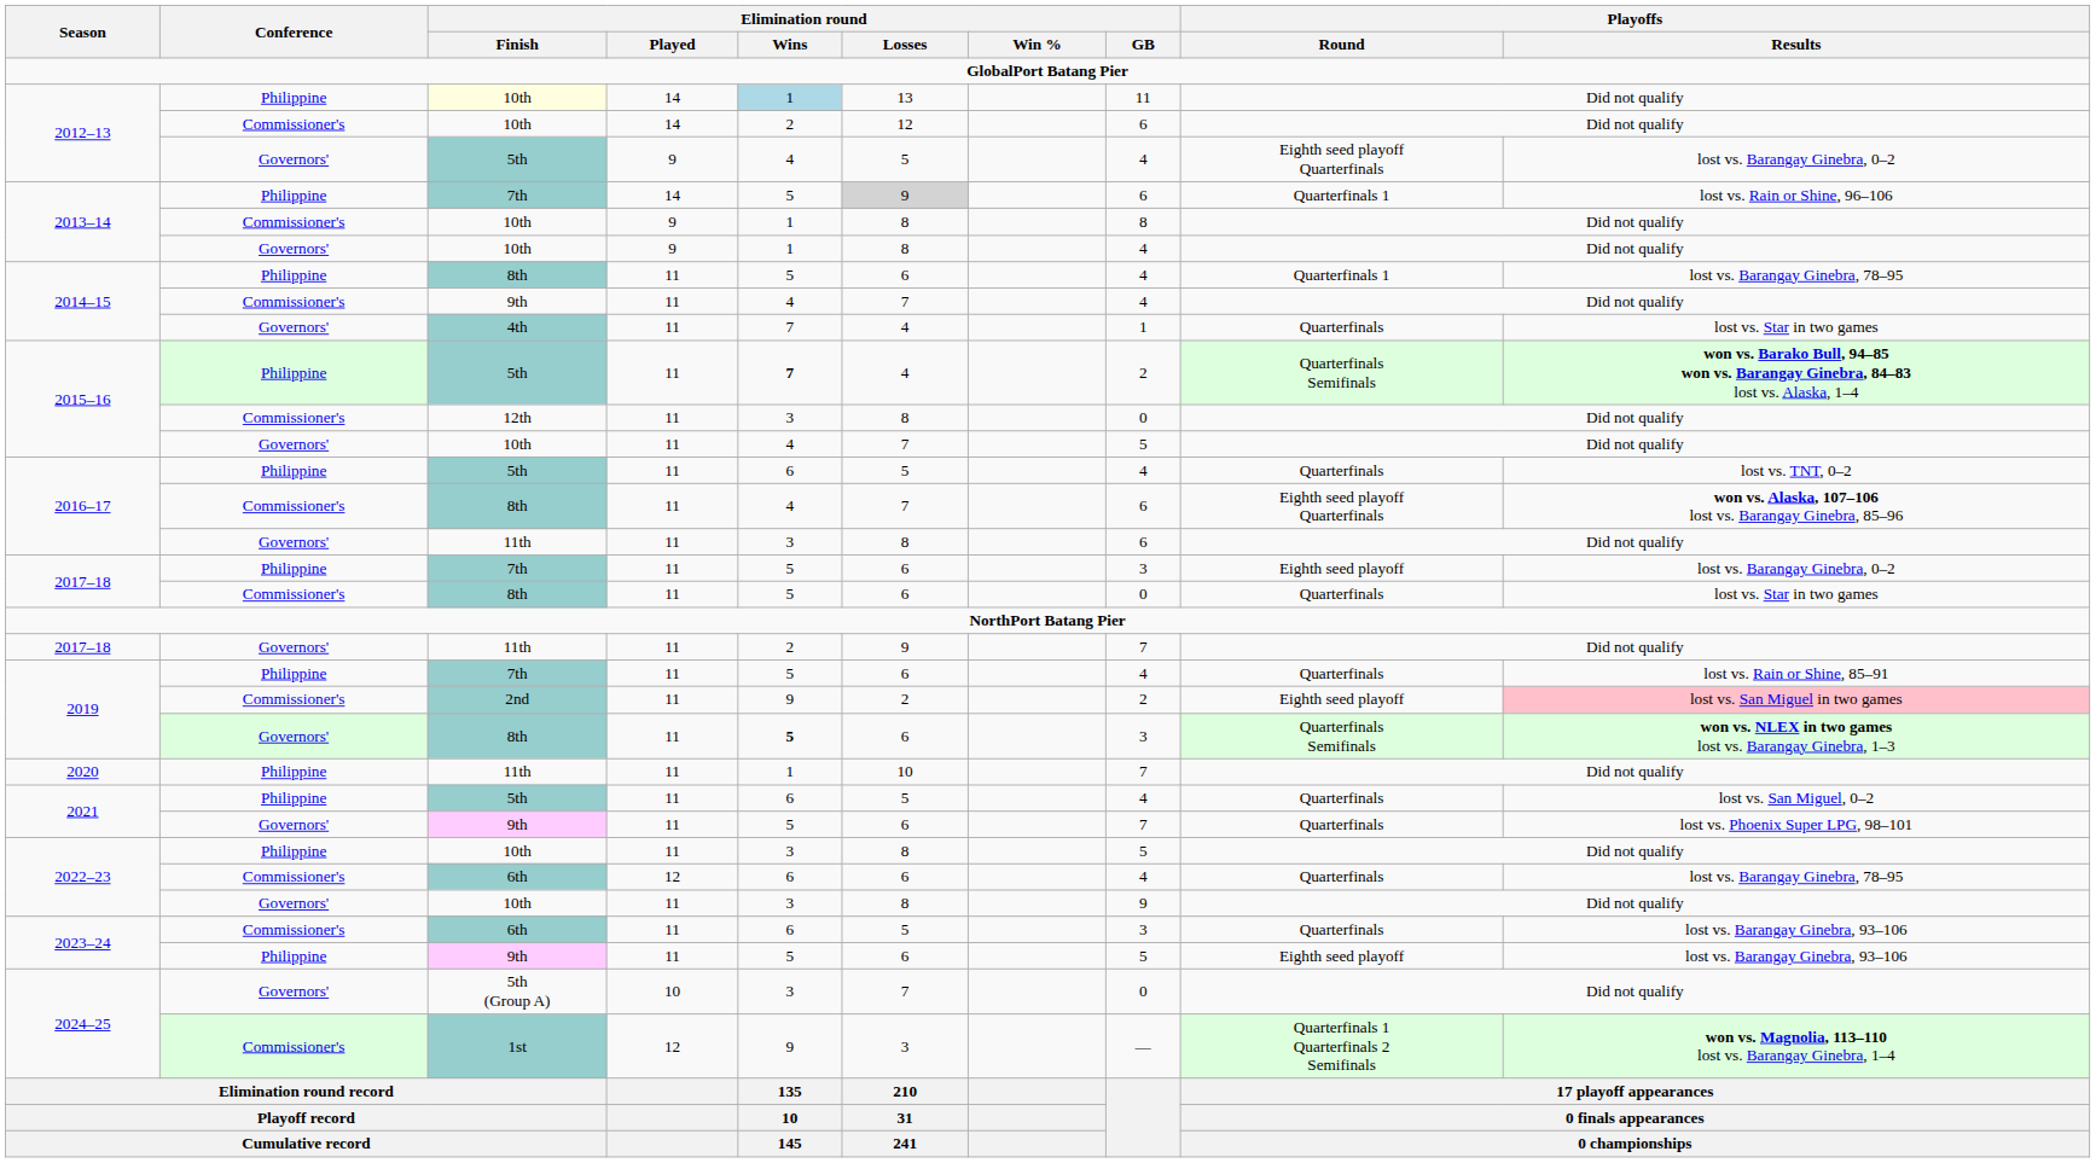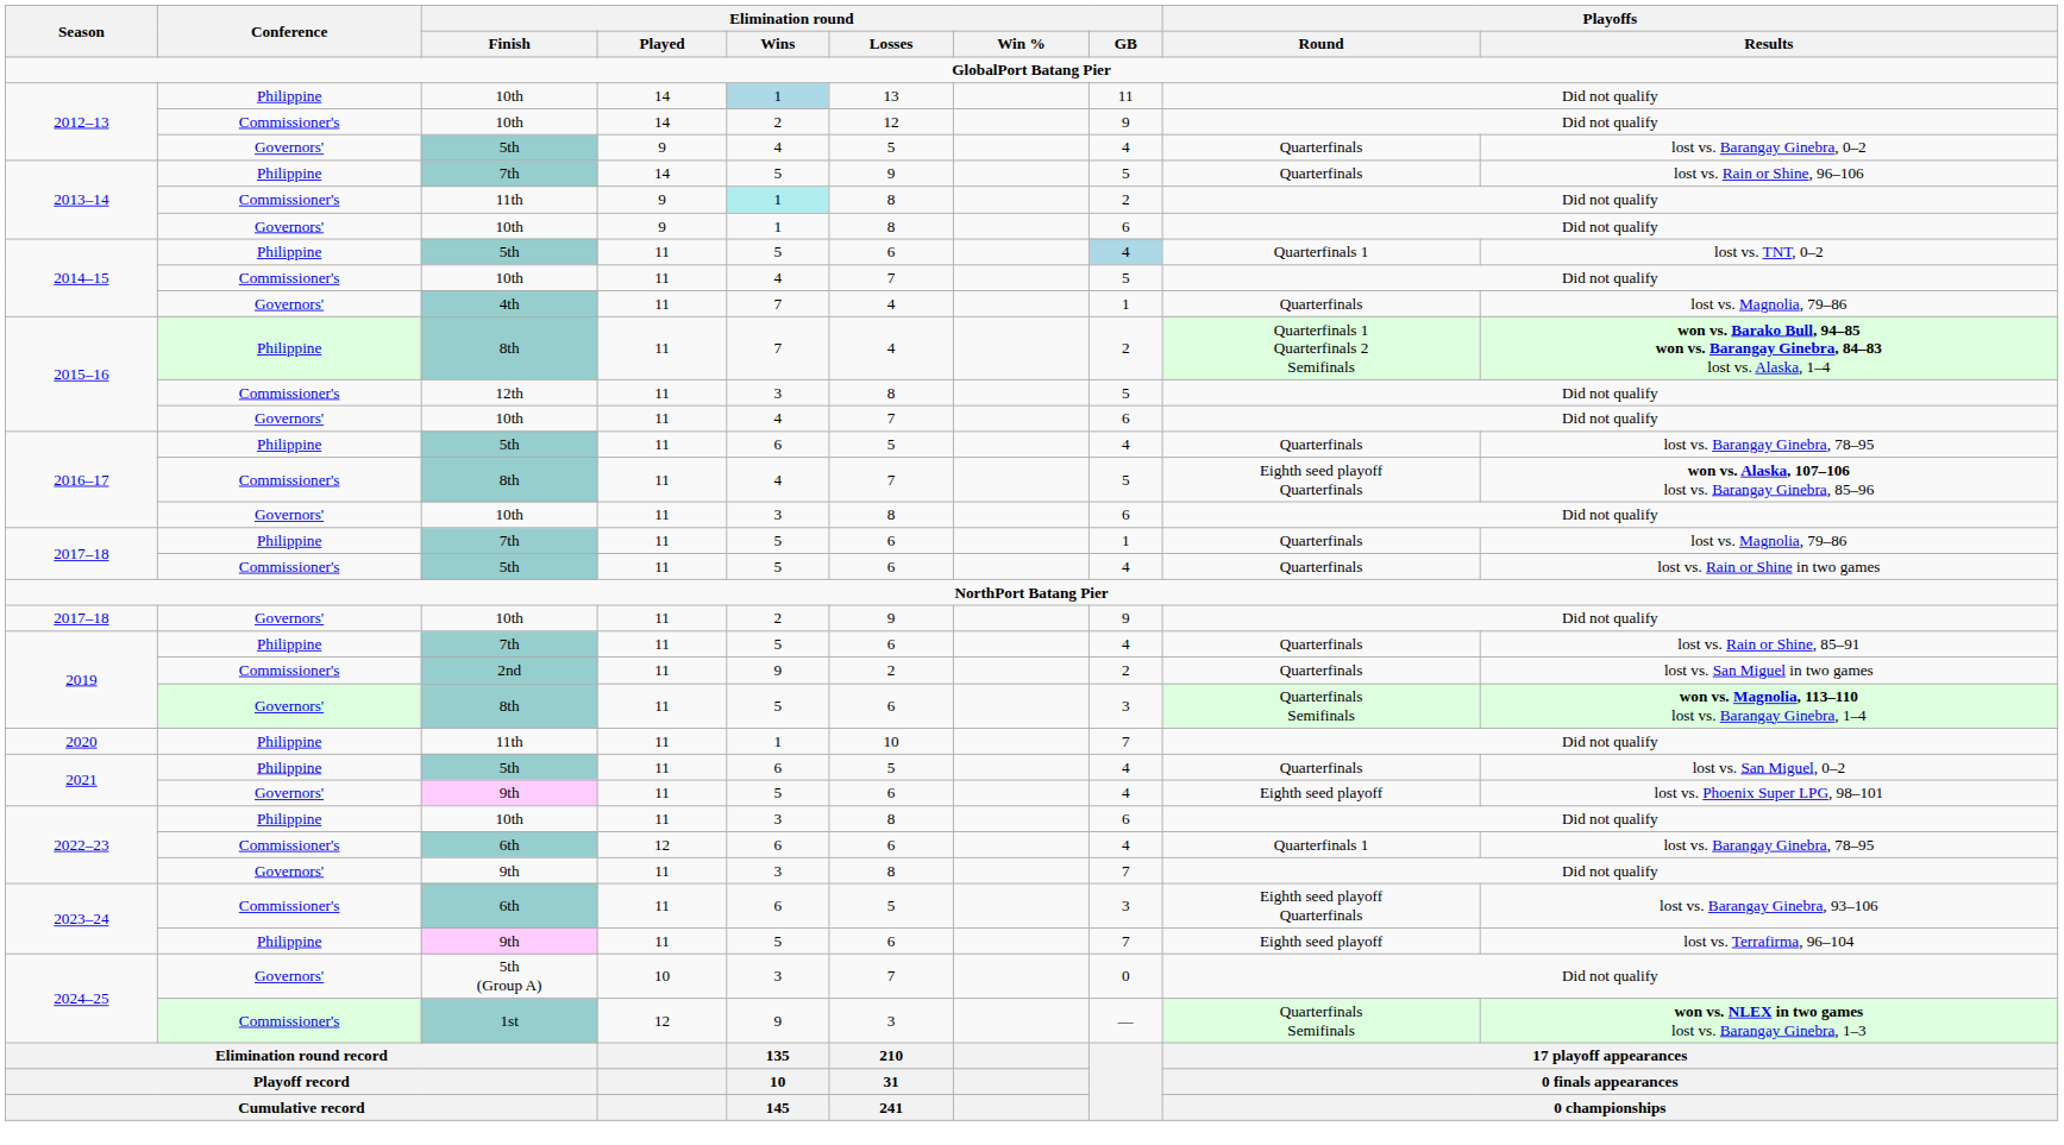 <table class="wikitable" style="width:100%; text-align:center; font-size:95%">
 <tr>
 <th rowspan=2>Season</th>
 <th rowspan=2>Conference</th>
 <th colspan=6>Elimination round</th>
 <th colspan=2>Playoffs</th>
 </tr>
 <tr>
 <th>Finish</th>
 <th>Played</th>
 <th>Wins</th>
 <th>Losses</th>
 <th>Win %</th>
 <th>GB</th>
 <th>Round</th>
 <th>Results</th>
 </tr>
 <tr>
 <td align="center" colspan="10"><strong>GlobalPort Batang Pier</strong></td>
 </tr>
 <tr>
 <td rowspan=3><a href='#'>2012–13</a> <br> </td>
 <td><a href='#'>Philippine</a></td>
-<td style="background: lightyellow;">10th</td>
+<td>10th</td>
 <td>14</td>
 <td style="background: lightblue;">1</td>
 <td>13</td>
 <td></td>
 <td>11</td>
 <td colspan=2>Did not qualify</td>
 </tr>
 <tr>
 <td><a href='#'>Commissioner's</a></td>
 <td>10th</td>
 <td>14</td>
 <td>2</td>
 <td>12</td>
 <td></td>
-<td>6</td>
+<td>9</td>
 <td colspan=2>Did not qualify</td>
 </tr>
 <tr>
 <td><a href='#'>Governors'</a></td>
 <td bgcolor="#96CDCD">5th</td>
 <td>9</td>
 <td>4</td>
 <td>5</td>
 <td></td>
 <td>4</td>
-<td>Eighth seed playoff <br> Quarterfinals</td>
+<td>Quarterfinals</td>
 <td>lost vs. <a href='#'>Barangay Ginebra</a>, 0–2</td>
 </tr>
 <tr>
 <td rowspan=3><a href='#'>2013–14</a> <br> </td>
 <td><a href='#'>Philippine</a></td>
 <td bgcolor="#96CDCD">7th</td>
 <td>14</td>
 <td>5</td>
-<td style="background: lightgrey;">9</td>
+<td>9</td>
 <td></td>
-<td>6</td>
-<td>Quarterfinals 1</td>
+<td>5</td>
+<td>Quarterfinals</td>
 <td>lost vs. <a href='#'>Rain or Shine</a>, 96–106</td>
 </tr>
 <tr>
 <td><a href='#'>Commissioner's</a></td>
-<td>10th</td>
+<td>11th</td>
 <td>9</td>
-<td>1</td>
+<td style="background: paleturquoise;">1</td>
 <td>8</td>
 <td></td>
-<td>8</td>
+<td>2</td>
 <td colspan=2>Did not qualify</td>
 </tr>
 <tr>
 <td><a href='#'>Governors'</a></td>
 <td>10th</td>
 <td>9</td>
 <td>1</td>
 <td>8</td>
 <td></td>
-<td>4</td>
+<td>6</td>
 <td colspan=2>Did not qualify</td>
 </tr>
 <tr>
 <td rowspan=3><a href='#'>2014–15</a> <br> </td>
 <td><a href='#'>Philippine</a></td>
-<td bgcolor="#96CDCD">8th</td>
+<td bgcolor="#96CDCD">5th</td>
 <td>11</td>
 <td>5</td>
 <td>6</td>
 <td></td>
-<td>4</td>
+<td style="background: lightblue;">4</td>
 <td>Quarterfinals 1</td>
-<td>lost vs. <a href='#'>Barangay Ginebra</a>, 78–95</td>
+<td>lost vs. <a href='#'>TNT</a>, 0–2</td>
 </tr>
 <tr>
 <td><a href='#'>Commissioner's</a></td>
-<td>9th</td>
+<td>10th</td>
 <td>11</td>
 <td>4</td>
 <td>7</td>
 <td></td>
-<td>4</td>
+<td>5</td>
 <td colspan=2>Did not qualify</td>
 </tr>
 <tr>
 <td><a href='#'>Governors'</a></td>
 <td bgcolor="#96CDCD">4th</td>
 <td>11</td>
 <td>7</td>
 <td>4</td>
 <td></td>
 <td>1</td>
 <td>Quarterfinals</td>
-<td>lost vs. <a href='#'>Star</a> in two games</td>
+<td>lost vs. <a href='#'>Magnolia</a>, 79–86</td>
 </tr>
 <tr>
 <td rowspan=3><a href='#'>2015–16</a> <br> </td>
 <td bgcolor="#DDFFDD"><a href='#'>Philippine</a></td>
-<td bgcolor="#96CDCD">5th</td>
+<td bgcolor="#96CDCD">8th</td>
 <td>11</td>
-<td><strong>7</strong></td>
+<td>7</td>
 <td>4</td>
 <td></td>
 <td>2</td>
-<td bgcolor="#DDFFDD">Quarterfinals <br> Semifinals</td>
+<td bgcolor="#DDFFDD">Quarterfinals 1 <br> Quarterfinals 2 <br> Semifinals</td>
 <td bgcolor="#DDFFDD"><strong>won vs. <a href='#'>Barako Bull</a>, 94–85</strong> <br> <strong>won vs. <a href='#'>Barangay Ginebra</a>, 84–83</strong> <br> lost vs. <a href='#'>Alaska</a>, 1–4</td>
 </tr>
 <tr>
 <td><a href='#'>Commissioner's</a></td>
 <td>12th</td>
 <td>11</td>
 <td>3</td>
 <td>8</td>
 <td></td>
-<td>0</td>
+<td>5</td>
 <td colspan=2>Did not qualify</td>
 </tr>
 <tr>
 <td><a href='#'>Governors'</a></td>
 <td>10th</td>
 <td>11</td>
 <td>4</td>
 <td>7</td>
 <td></td>
-<td>5</td>
+<td>6</td>
 <td colspan=2>Did not qualify</td>
 </tr>
 <tr>
 <td rowspan=3><a href='#'>2016–17</a> <br> </td>
 <td><a href='#'>Philippine</a></td>
 <td bgcolor="#96CDCD">5th</td>
 <td>11</td>
 <td>6</td>
 <td>5</td>
 <td></td>
 <td>4</td>
 <td>Quarterfinals</td>
-<td>lost vs. <a href='#'>TNT</a>, 0–2</td>
+<td>lost vs. <a href='#'>Barangay Ginebra</a>, 78–95</td>
 </tr>
 <tr>
 <td><a href='#'>Commissioner's</a></td>
 <td bgcolor="#96CDCD">8th</td>
 <td>11</td>
 <td>4</td>
 <td>7</td>
 <td></td>
-<td>6</td>
+<td>5</td>
 <td>Eighth seed playoff <br> Quarterfinals</td>
 <td><strong>won vs. <a href='#'>Alaska</a>, 107–106</strong> <br> lost vs. <a href='#'>Barangay Ginebra</a>, 85–96</td>
 </tr>
 <tr>
 <td><a href='#'>Governors'</a></td>
-<td>11th</td>
+<td>10th</td>
 <td>11</td>
 <td>3</td>
 <td>8</td>
 <td></td>
 <td>6</td>
 <td colspan=2>Did not qualify</td>
 </tr>
 <tr>
 <td rowspan=2><a href='#'>2017–18</a> <br> </td>
 <td><a href='#'>Philippine</a></td>
 <td bgcolor="#96CDCD">7th</td>
 <td>11</td>
 <td>5</td>
 <td>6</td>
 <td></td>
-<td>3</td>
-<td>Eighth seed playoff</td>
-<td>lost vs. <a href='#'>Barangay Ginebra</a>, 0–2</td>
+<td>1</td>
+<td>Quarterfinals</td>
+<td>lost vs. <a href='#'>Magnolia</a>, 79–86</td>
 </tr>
 <tr>
 <td><a href='#'>Commissioner's</a></td>
-<td bgcolor="#96CDCD">8th</td>
+<td bgcolor="#96CDCD">5th</td>
 <td>11</td>
 <td>5</td>
 <td>6</td>
 <td></td>
-<td>0</td>
+<td>4</td>
 <td>Quarterfinals</td>
-<td>lost vs. <a href='#'>Star</a> in two games</td>
+<td>lost vs. <a href='#'>Rain or Shine</a> in two games</td>
 </tr>
 <tr>
 <td align="center" colspan="10"><strong>NorthPort Batang Pier</strong></td>
 </tr>
 <tr>
 <td><a href='#'>2017–18</a> <br> </td>
 <td><a href='#'>Governors'</a></td>
-<td>11th</td>
+<td>10th</td>
 <td>11</td>
 <td>2</td>
 <td>9</td>
 <td></td>
-<td>7</td>
+<td>9</td>
 <td colspan=2>Did not qualify</td>
 </tr>
 <tr>
 <td rowspan=3><a href='#'>2019</a> <br> </td>
 <td><a href='#'>Philippine</a></td>
 <td bgcolor="#96CDCD">7th</td>
 <td>11</td>
 <td>5</td>
 <td>6</td>
 <td></td>
 <td>4</td>
 <td>Quarterfinals</td>
 <td>lost vs. <a href='#'>Rain or Shine</a>, 85–91</td>
 </tr>
 <tr>
 <td><a href='#'>Commissioner's</a></td>
 <td bgcolor="#96CDCD">2nd</td>
 <td>11</td>
 <td>9</td>
 <td>2</td>
 <td></td>
 <td>2</td>
-<td>Eighth seed playoff</td>
-<td style="background: pink;">lost vs. <a href='#'>San Miguel</a> in two games</td>
+<td>Quarterfinals</td>
+<td>lost vs. <a href='#'>San Miguel</a> in two games</td>
 </tr>
 <tr>
 <td bgcolor="#DDFFDD"><a href='#'>Governors'</a></td>
 <td bgcolor="#96CDCD">8th</td>
 <td>11</td>
-<td><strong>5</strong></td>
+<td>5</td>
 <td>6</td>
 <td></td>
 <td>3</td>
 <td bgcolor="#DDFFDD">Quarterfinals <br> Semifinals</td>
-<td bgcolor="#DDFFDD"><strong>won vs. <a href='#'>NLEX</a> in two games</strong> <br> lost vs. <a href='#'>Barangay Ginebra</a>, 1–3</td>
+<td bgcolor="#DDFFDD"><strong>won vs. <a href='#'>Magnolia</a>, 113–110</strong> <br> lost vs. <a href='#'>Barangay Ginebra</a>, 1–4</td>
 </tr>
 <tr>
 <td><a href='#'>2020</a> <br> </td>
 <td><a href='#'>Philippine</a></td>
 <td>11th</td>
 <td>11</td>
 <td>1</td>
 <td>10</td>
 <td></td>
 <td>7</td>
 <td colspan=2>Did not qualify</td>
 </tr>
 <tr>
 <td rowspan=2><a href='#'>2021</a> <br> </td>
 <td><a href='#'>Philippine</a></td>
 <td bgcolor="#96CDCD">5th</td>
 <td>11</td>
 <td>6</td>
 <td>5</td>
 <td></td>
 <td>4</td>
 <td>Quarterfinals</td>
 <td>lost vs. <a href='#'>San Miguel</a>, 0–2</td>
 </tr>
 <tr>
 <td><a href='#'>Governors'</a></td>
 <td bgcolor="#FFCCFF">9th</td>
 <td>11</td>
 <td>5</td>
 <td>6</td>
 <td></td>
-<td>7</td>
-<td>Quarterfinals</td>
+<td>4</td>
+<td>Eighth seed playoff</td>
 <td>lost vs. <a href='#'>Phoenix Super LPG</a>, 98–101</td>
 </tr>
 <tr>
 <td rowspan=3><a href='#'>2022–23</a> <br> </td>
 <td><a href='#'>Philippine</a></td>
 <td>10th</td>
 <td>11</td>
 <td>3</td>
 <td>8</td>
 <td></td>
-<td>5</td>
+<td>6</td>
 <td colspan=2>Did not qualify</td>
 </tr>
 <tr>
 <td><a href='#'>Commissioner's</a></td>
 <td bgcolor="#96CDCD">6th</td>
 <td>12</td>
 <td>6</td>
 <td>6</td>
 <td></td>
 <td>4</td>
-<td>Quarterfinals</td>
+<td>Quarterfinals 1</td>
 <td>lost vs. <a href='#'>Barangay Ginebra</a>, 78–95</td>
 </tr>
 <tr>
 <td><a href='#'>Governors'</a></td>
-<td>10th</td>
+<td>9th</td>
 <td>11</td>
 <td>3</td>
 <td>8</td>
 <td></td>
-<td>9</td>
+<td>7</td>
 <td colspan=2>Did not qualify</td>
 </tr>
 <tr>
 <td rowspan=2><a href='#'>2023–24</a> <br> </td>
 <td><a href='#'>Commissioner's</a></td>
 <td bgcolor="#96CDCD">6th</td>
 <td>11</td>
 <td>6</td>
 <td>5</td>
 <td></td>
 <td>3</td>
-<td>Quarterfinals</td>
+<td>Eighth seed playoff <br> Quarterfinals</td>
 <td>lost vs. <a href='#'>Barangay Ginebra</a>, 93–106</td>
 </tr>
 <tr>
 <td><a href='#'>Philippine</a></td>
 <td bgcolor="#FFCCFF">9th</td>
 <td>11</td>
 <td>5</td>
 <td>6</td>
 <td></td>
-<td>5</td>
+<td>7</td>
 <td>Eighth seed playoff</td>
-<td>lost vs. <a href='#'>Barangay Ginebra</a>, 93–106</td>
+<td>lost vs. <a href='#'>Terrafirma</a>, 96–104</td>
 </tr>
 <tr>
 <td rowspan=2><a href='#'>2024–25</a> <br> </td>
 <td><a href='#'>Governors'</a></td>
 <td>5th <br> (Group A)</td>
 <td>10</td>
 <td>3</td>
 <td>7</td>
 <td></td>
 <td>0</td>
 <td colspan=2>Did not qualify</td>
 </tr>
 <tr>
 <td bgcolor="#DDFFDD"><a href='#'>Commissioner's</a></td>
 <td bgcolor="#96CDCD">1st</td>
 <td>12</td>
 <td>9</td>
 <td>3</td>
 <td></td>
 <td>—</td>
-<td bgcolor="#DDFFDD">Quarterfinals 1 <br> Quarterfinals 2 <br> Semifinals</td>
-<td bgcolor="#DDFFDD"><strong>won vs. <a href='#'>Magnolia</a>, 113–110</strong> <br> lost vs. <a href='#'>Barangay Ginebra</a>, 1–4</td>
+<td bgcolor="#DDFFDD">Quarterfinals <br> Semifinals</td>
+<td bgcolor="#DDFFDD"><strong>won vs. <a href='#'>NLEX</a> in two games</strong> <br> lost vs. <a href='#'>Barangay Ginebra</a>, 1–3</td>
 </tr>
 <tr>
 <th colspan=3>Elimination round record</th>
 <th></th>
 <th>135</th>
 <th>210</th>
 <th></th>
 <th rowspan=3></th>
 <th colspan=2>17 playoff appearances</th>
 </tr>
 <tr>
 <th colspan=3>Playoff record</th>
 <th></th>
 <th>10</th>
 <th>31</th>
 <th></th>
 <th colspan=2>0 finals appearances</th>
 </tr>
 <tr>
 <th colspan=3>Cumulative record</th>
 <th></th>
 <th>145</th>
 <th>241</th>
 <th></th>
 <th colspan=2>0 championships</th>
 </tr>
 </table>
